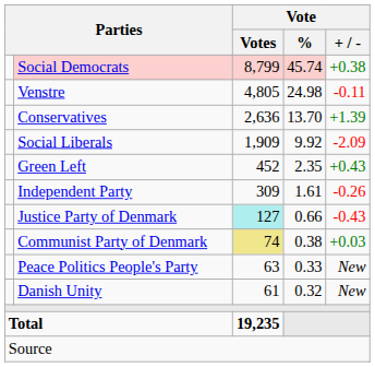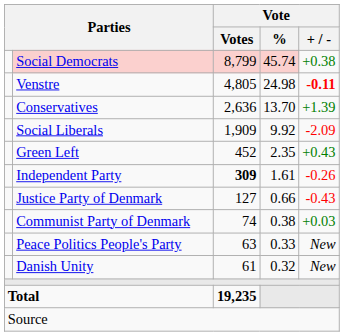 <table class="wikitable" style="text-align:right;">
 <tr>
 <th style="text-align:centre;" rowspan="2" colspan="2" width="225">Parties</th>
 <th colspan="3">Vote</th>
 </tr>
 <tr>
 <th width="15">Votes</th>
 <th width="15">%</th>
 <th width="15">+ / -</th>
 </tr>
 <tr>
 <td width="2" style="color:inherit;background:"></td>
 <td bgcolor=#fbd0ce  align="left"><a href='#'>Social Democrats</a></td>
 <td bgcolor=#fbd0ce>8,799</td>
 <td bgcolor=#fbd0ce>45.74</td>
 <td style=color:green;>+0.38</td>
 </tr>
 <tr>
 <td width="2" style="color:inherit;background:"></td>
 <td align="left"><a href='#'>Venstre</a></td>
 <td>4,805</td>
 <td>24.98</td>
-<td style=color:red;>-0.11</td>
+<td style=color:red;><strong>-0.11</strong></td>
 </tr>
 <tr>
 <td width="2" style="color:inherit;background:"></td>
 <td align="left"><a href='#'>Conservatives</a></td>
 <td>2,636</td>
 <td>13.70</td>
 <td style=color:green;>+1.39</td>
 </tr>
 <tr>
 <td width="2" style="color:inherit;background:"></td>
 <td align="left"><a href='#'>Social Liberals</a></td>
 <td>1,909</td>
 <td>9.92</td>
 <td style=color:red;>-2.09</td>
 </tr>
 <tr>
 <td width="2" style="color:inherit;background:"></td>
 <td align="left"><a href='#'>Green Left</a></td>
 <td>452</td>
 <td>2.35</td>
 <td style=color:green;>+0.43</td>
 </tr>
 <tr>
 <td width="2" style="color:inherit;background:"></td>
 <td align="left"><a href='#'>Independent Party</a></td>
-<td>309</td>
+<td><strong>309</strong></td>
 <td>1.61</td>
 <td style=color:red;>-0.26</td>
 </tr>
 <tr>
 <td width="2" style="color:inherit;background:"></td>
 <td align="left"><a href='#'>Justice Party of Denmark</a></td>
-<td style="background: paleturquoise;">127</td>
+<td>127</td>
 <td>0.66</td>
 <td style=color:red;>-0.43</td>
 </tr>
 <tr>
 <td width="2" style="color:inherit;background:"></td>
 <td align="left"><a href='#'>Communist Party of Denmark</a></td>
-<td style="background: khaki;">74</td>
+<td>74</td>
 <td>0.38</td>
 <td style=color:green;>+0.03</td>
 </tr>
 <tr>
 <td width="2" style="color:inherit;background:"></td>
 <td align="left"><a href='#'>Peace Politics People's Party</a></td>
 <td>63</td>
 <td>0.33</td>
 <td><em>New</em></td>
 </tr>
 <tr>
 <td width="2" style="color:inherit;background:"></td>
 <td align="left"><a href='#'>Danish Unity</a></td>
 <td>61</td>
 <td>0.32</td>
 <td><em>New</em></td>
 </tr>
 <tr>
 <td colspan="7" bgcolor="#E9E9E9"></td>
 </tr>
 <tr>
 <td align="left" colspan="2"><strong>Total</strong></td>
 <td><strong>19,235</strong></td>
 <td bgcolor="#E9E9E9" colspan="2"></td>
 </tr>
 <tr>
 <td align="left" colspan="6">Source</td>
 </tr>
 </table>
